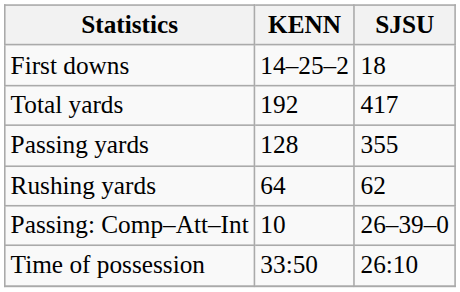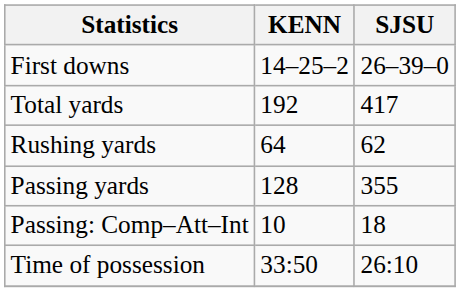 <table class="wikitable" style="float: left;">
 <tr>
 <th>Statistics</th>
 <th>KENN</th>
 <th>SJSU</th>
 </tr>
 <tr>
 <td>First downs</td>
 <td>14–25–2</td>
-<td>18</td>
+<td>26–39–0</td>
 </tr>
 <tr>
 <td>Total yards</td>
 <td>192</td>
 <td>417</td>
 </tr>
 <tr>
+<td>Rushing yards</td>
+<td>64</td>
+<td>62</td>
+</tr>
+<tr>
 <td>Passing yards</td>
 <td>128</td>
 <td>355</td>
 </tr>
 <tr>
-<td>Rushing yards</td>
-<td>64</td>
-<td>62</td>
-</tr>
-<tr>
 <td>Passing: Comp–Att–Int</td>
 <td>10</td>
-<td>26–39–0</td>
+<td>18</td>
 </tr>
 <tr>
 <td>Time of possession</td>
 <td>33:50</td>
 <td>26:10</td>
 </tr>
 <tr>
 </tr>
 </table>
